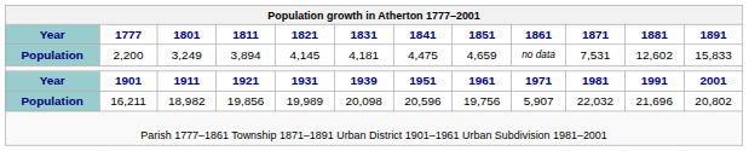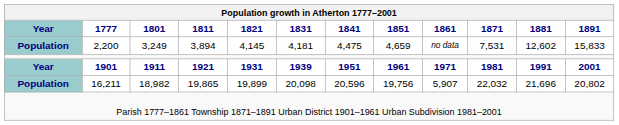 <table class="wikitable" style="font-size:90%;align:center;width:70%;border:0px;text-align:center;line-height:120%;margin:1em auto;">
 <tr>
 <th colspan="12" style="text-align:center;font-size:90%;">Population growth in Atherton 1777–2001</th>
 </tr>
 <tr>
 <th style="background: #99CCCC; color: #000080" height="17">Year</th>
 <th style="background: #FFFFFF; color:#000080;">1777</th>
 <th style="background: #FFFFFF; color:#000080;">1801</th>
 <th style="background: #FFFFFF; color:#000080;">1811</th>
 <th style="background: #FFFFFF; color:#000080;">1821</th>
 <th style="background: #FFFFFF; color:#000080;">1831</th>
 <th style="background: #FFFFFF; color:#000080;">1841</th>
 <th style="background: #FFFFFF; color:#000080;">1851</th>
 <th style="background: #FFFFFF; color:#000080;">1861</th>
 <th style="background: #FFFFFF; color:#000080;">1871</th>
 <th style="background: #FFFFFF; color:#000080;">1881</th>
 <th style="background: #FFFFFF; color:#000080;">1891</th>
 </tr>
 <tr Align="center">
 <th style="background: #99CCCC; color: #000080" height="17">Population</th>
 <td style="background: #FFFFFF; color: black;">2,200</td>
 <td style="background: #FFFFFF; color: black;">3,249</td>
 <td style="background: #FFFFFF; color: black;">3,894</td>
 <td style="background: #FFFFFF; color: black;">4,145</td>
 <td style="background: #FFFFFF; color: black;">4,181</td>
 <td style="background: #FFFFFF; color: black;">4,475</td>
 <td style="background: #FFFFFF; color: black;">4,659</td>
 <td style="background: #FFFFFF; color: black;"><small><em>no data</em></small></td>
 <td style="background: #FFFFFF; color: black;">7,531</td>
 <td style="background: #FFFFFF; color: black;">12,602</td>
 <td style="background: #FFFFFF; color: black;">15,833</td>
 </tr>
 <tr>
 <td colspan="12"></td>
 </tr>
 <tr>
 <th style="background: #99CCCC; color: #000080" height="17">Year</th>
 <th style="background: #FFFFFF; color:#000080;">1901</th>
 <th style="background: #FFFFFF; color:#000080;">1911</th>
 <th style="background: #FFFFFF; color:#000080;">1921</th>
 <th style="background: #FFFFFF; color:#000080;">1931</th>
 <th style="background: #FFFFFF; color:#000080;">1939</th>
 <th style="background: #FFFFFF; color:#000080;">1951</th>
 <th style="background: #FFFFFF; color:#000080;">1961</th>
 <th style="background: #FFFFFF; color:#000080;">1971</th>
 <th style="background: #FFFFFF; color:#000080;">1981</th>
 <th style="background: #FFFFFF; color:#000080;">1991</th>
 <th style="background: #FFFFFF; color:#000080;">2001</th>
 </tr>
 <tr>
 <th style="background: #99CCCC; color: #000080" height="17">Population</th>
 <td style="background: #FFFFFF; color: black;">16,211</td>
 <td style="background: #FFFFFF; color: black;">18,982</td>
-<td style="background: #FFFFFF; color: black;">19,856</td>
-<td style="background: #FFFFFF; color: black;">19,989</td>
+<td style="background: #FFFFFF; color: black;">19,865</td>
+<td style="background: #FFFFFF; color: black;">19,899</td>
 <td style="background: #FFFFFF; color: black;">20,098</td>
 <td style="background: #FFFFFF; color: black;">20,596</td>
 <td style="background: #FFFFFF; color: black;">19,756</td>
 <td style="background: #FFFFFF; color: black;">5,907</td>
 <td style="background: #FFFFFF; color: black;">22,032</td>
 <td style="background: #FFFFFF; color: black;">21,696</td>
 <td style="background: #FFFFFF; color: black;">20,802</td>
 </tr>
 <tr>
 <td colspan="12" style="text-align:center;font-size:90%;"><br>Parish 1777–1861  Township 1871–1891  Urban District 1901–1961  Urban Subdivision 1981–2001</td>
 </tr>
 </table>
